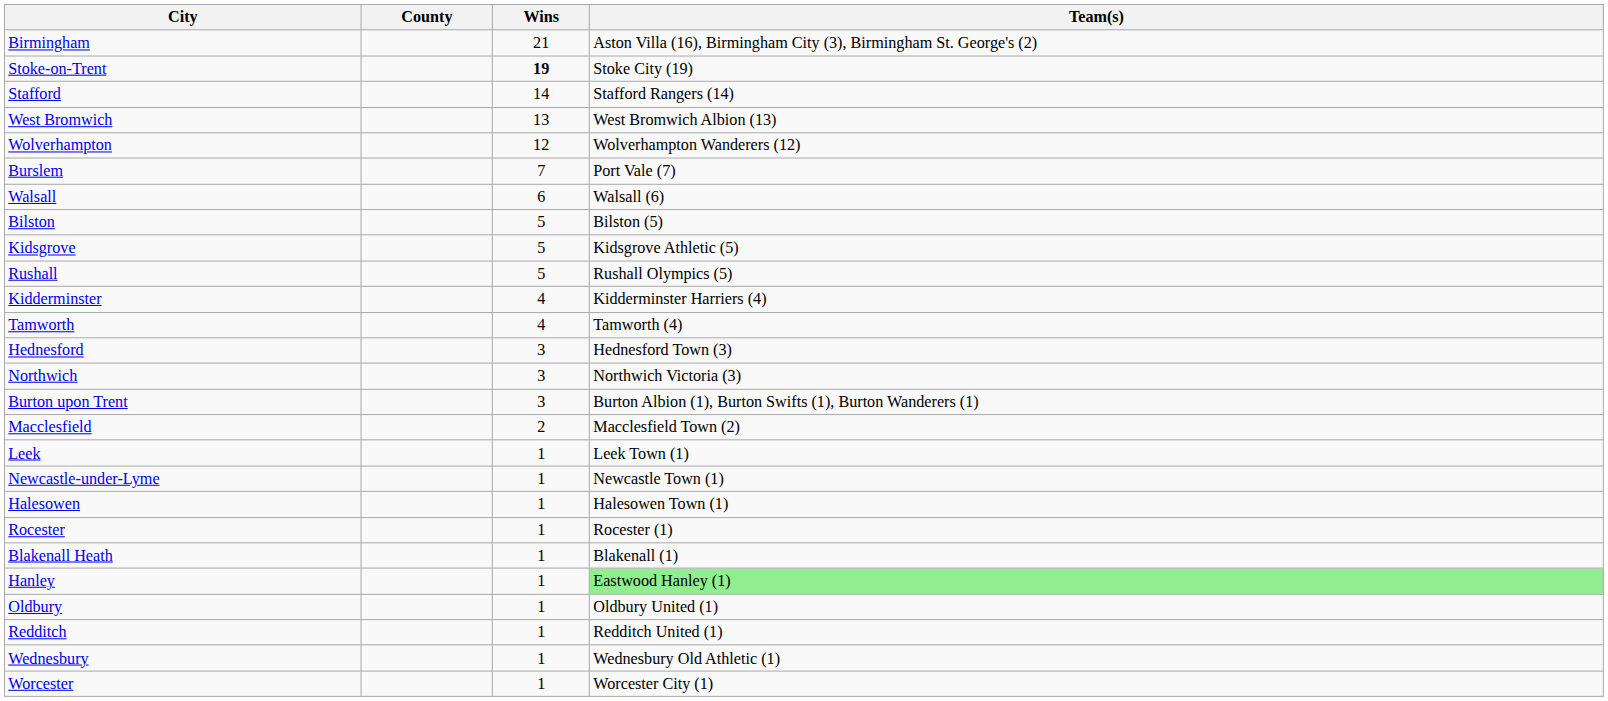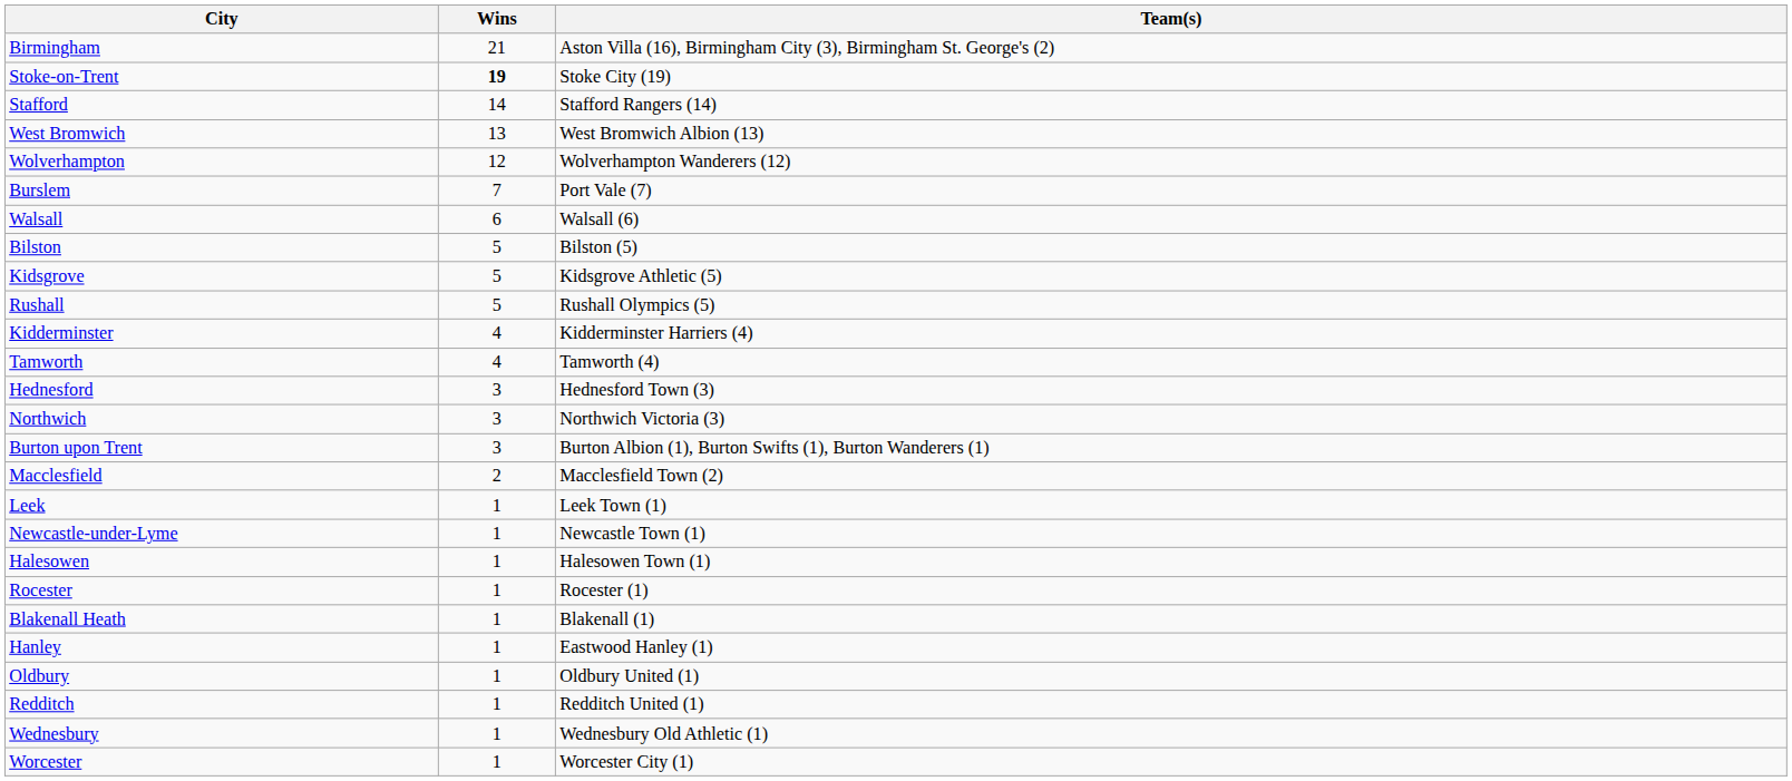 <table class="wikitable sortable" style="text-align: center; width: 100%; ">
 <tr>
 <th>City</th>
-<th>County</th>
 <th>Wins</th>
 <th>Team(s)</th>
 </tr>
 <tr>
 <td style="text-align: left"><a href='#'>Birmingham</a></td>
-<td style="text-align: left"></td>
 <td>21</td>
 <td style="text-align: left">Aston Villa (16), Birmingham City (3), Birmingham St. George's (2)</td>
 </tr>
 <tr>
 <td style="text-align: left"><a href='#'>Stoke-on-Trent</a></td>
-<td style="text-align: left"></td>
 <td><strong>19</strong></td>
 <td style="text-align: left">Stoke City (19)</td>
 </tr>
 <tr>
 <td style="text-align: left"><a href='#'>Stafford</a></td>
-<td style="text-align: left"></td>
 <td>14</td>
 <td style="text-align: left">Stafford Rangers (14)</td>
 </tr>
 <tr>
 <td style="text-align: left"><a href='#'>West Bromwich</a></td>
-<td style="text-align: left"></td>
 <td>13</td>
 <td style="text-align: left">West Bromwich Albion (13)</td>
 </tr>
 <tr>
 <td style="text-align: left"><a href='#'>Wolverhampton</a></td>
-<td style="text-align: left"></td>
 <td>12</td>
 <td style="text-align: left">Wolverhampton Wanderers (12)</td>
 </tr>
 <tr>
 <td style="text-align: left"><a href='#'>Burslem</a></td>
-<td style="text-align: left"></td>
 <td>7</td>
 <td style="text-align: left">Port Vale (7)</td>
 </tr>
 <tr>
 <td style="text-align: left"><a href='#'>Walsall</a></td>
-<td style="text-align: left"></td>
 <td>6</td>
 <td style="text-align: left">Walsall (6)</td>
 </tr>
 <tr>
 <td style="text-align: left"><a href='#'>Bilston</a></td>
-<td style="text-align: left"></td>
 <td>5</td>
 <td style="text-align: left">Bilston (5)</td>
 </tr>
 <tr>
 <td style="text-align: left"><a href='#'>Kidsgrove</a></td>
-<td style="text-align: left"></td>
 <td>5</td>
 <td style="text-align: left">Kidsgrove Athletic (5)</td>
 </tr>
 <tr>
 <td style="text-align: left"><a href='#'>Rushall</a></td>
-<td style="text-align: left"></td>
 <td>5</td>
 <td style="text-align: left">Rushall Olympics (5)</td>
 </tr>
 <tr>
 <td style="text-align: left"><a href='#'>Kidderminster</a></td>
-<td style="text-align: left"></td>
 <td>4</td>
 <td style="text-align: left">Kidderminster Harriers (4)</td>
 </tr>
 <tr>
 <td style="text-align: left"><a href='#'>Tamworth</a></td>
-<td style="text-align: left"></td>
 <td>4</td>
 <td style="text-align: left">Tamworth (4)</td>
 </tr>
 <tr>
 <td style="text-align: left"><a href='#'>Hednesford</a></td>
-<td style="text-align: left"></td>
 <td>3</td>
 <td style="text-align: left">Hednesford Town (3)</td>
 </tr>
 <tr>
 <td style="text-align: left"><a href='#'>Northwich</a></td>
-<td style="text-align: left"></td>
 <td>3</td>
 <td style="text-align: left">Northwich Victoria (3)</td>
 </tr>
 <tr>
 <td style="text-align: left"><a href='#'>Burton upon Trent</a></td>
-<td style="text-align: left"></td>
 <td>3</td>
 <td style="text-align: left">Burton Albion (1), Burton Swifts (1), Burton Wanderers (1)</td>
 </tr>
 <tr>
 <td style="text-align: left"><a href='#'>Macclesfield</a></td>
-<td style="text-align: left"></td>
 <td>2</td>
 <td style="text-align: left">Macclesfield Town (2)</td>
 </tr>
 <tr>
 <td style="text-align: left"><a href='#'>Leek</a></td>
-<td style="text-align: left"></td>
 <td>1</td>
 <td style="text-align: left">Leek Town (1)</td>
 </tr>
 <tr>
 <td style="text-align: left"><a href='#'>Newcastle-under-Lyme</a></td>
-<td style="text-align: left"></td>
 <td>1</td>
 <td style="text-align: left">Newcastle Town (1)</td>
 </tr>
 <tr>
 <td style="text-align: left"><a href='#'>Halesowen</a></td>
-<td style="text-align: left"></td>
 <td>1</td>
 <td style="text-align: left">Halesowen Town (1)</td>
 </tr>
 <tr>
 <td style="text-align: left"><a href='#'>Rocester</a></td>
-<td style="text-align: left"></td>
 <td>1</td>
 <td style="text-align: left">Rocester (1)</td>
 </tr>
 <tr>
 <td style="text-align: left"><a href='#'>Blakenall Heath</a></td>
-<td style="text-align: left"></td>
 <td>1</td>
 <td style="text-align: left">Blakenall (1)</td>
 </tr>
 <tr>
 <td style="text-align: left"><a href='#'>Hanley</a></td>
-<td style="text-align: left"></td>
 <td>1</td>
-<td style="background: lightgreen; text-align: left">Eastwood Hanley (1)</td>
+<td style="text-align: left">Eastwood Hanley (1)</td>
 </tr>
 <tr>
 <td style="text-align: left"><a href='#'>Oldbury</a></td>
-<td style="text-align: left"></td>
 <td>1</td>
 <td style="text-align: left">Oldbury United (1)</td>
 </tr>
 <tr>
 <td style="text-align: left"><a href='#'>Redditch</a></td>
-<td style="text-align: left"></td>
 <td>1</td>
 <td style="text-align: left">Redditch United (1)</td>
 </tr>
 <tr>
 <td style="text-align: left"><a href='#'>Wednesbury</a></td>
-<td style="text-align: left"></td>
 <td>1</td>
 <td style="text-align: left">Wednesbury Old Athletic (1)</td>
 </tr>
 <tr>
 <td style="text-align: left"><a href='#'>Worcester</a></td>
-<td style="text-align: left"></td>
 <td>1</td>
 <td style="text-align: left">Worcester City (1)</td>
 </tr>
 </table>
